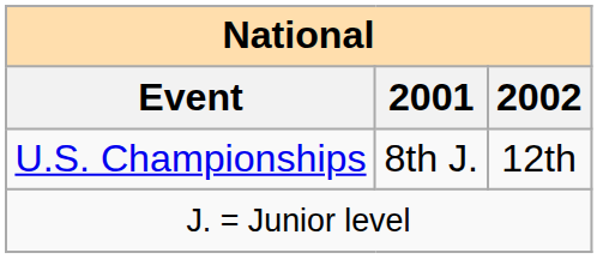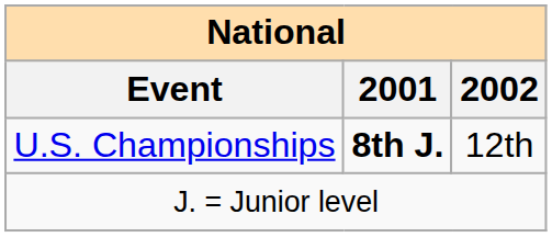 <table class="wikitable" style="text-align:center">
 <tr>
 <th style="background-color: #ffdead; " colspan=3 align=center><strong>National</strong></th>
 </tr>
 <tr>
 <th>Event</th>
 <th>2001</th>
 <th>2002</th>
 </tr>
 <tr>
 <td align=left><a href='#'>U.S. Championships</a></td>
-<td>8th J.</td>
+<td><strong>8th J.</strong></td>
 <td>12th</td>
 </tr>
 <tr>
 <td colspan=3 align=center><small> J. = Junior level </small></td>
 </tr>
 </table>
